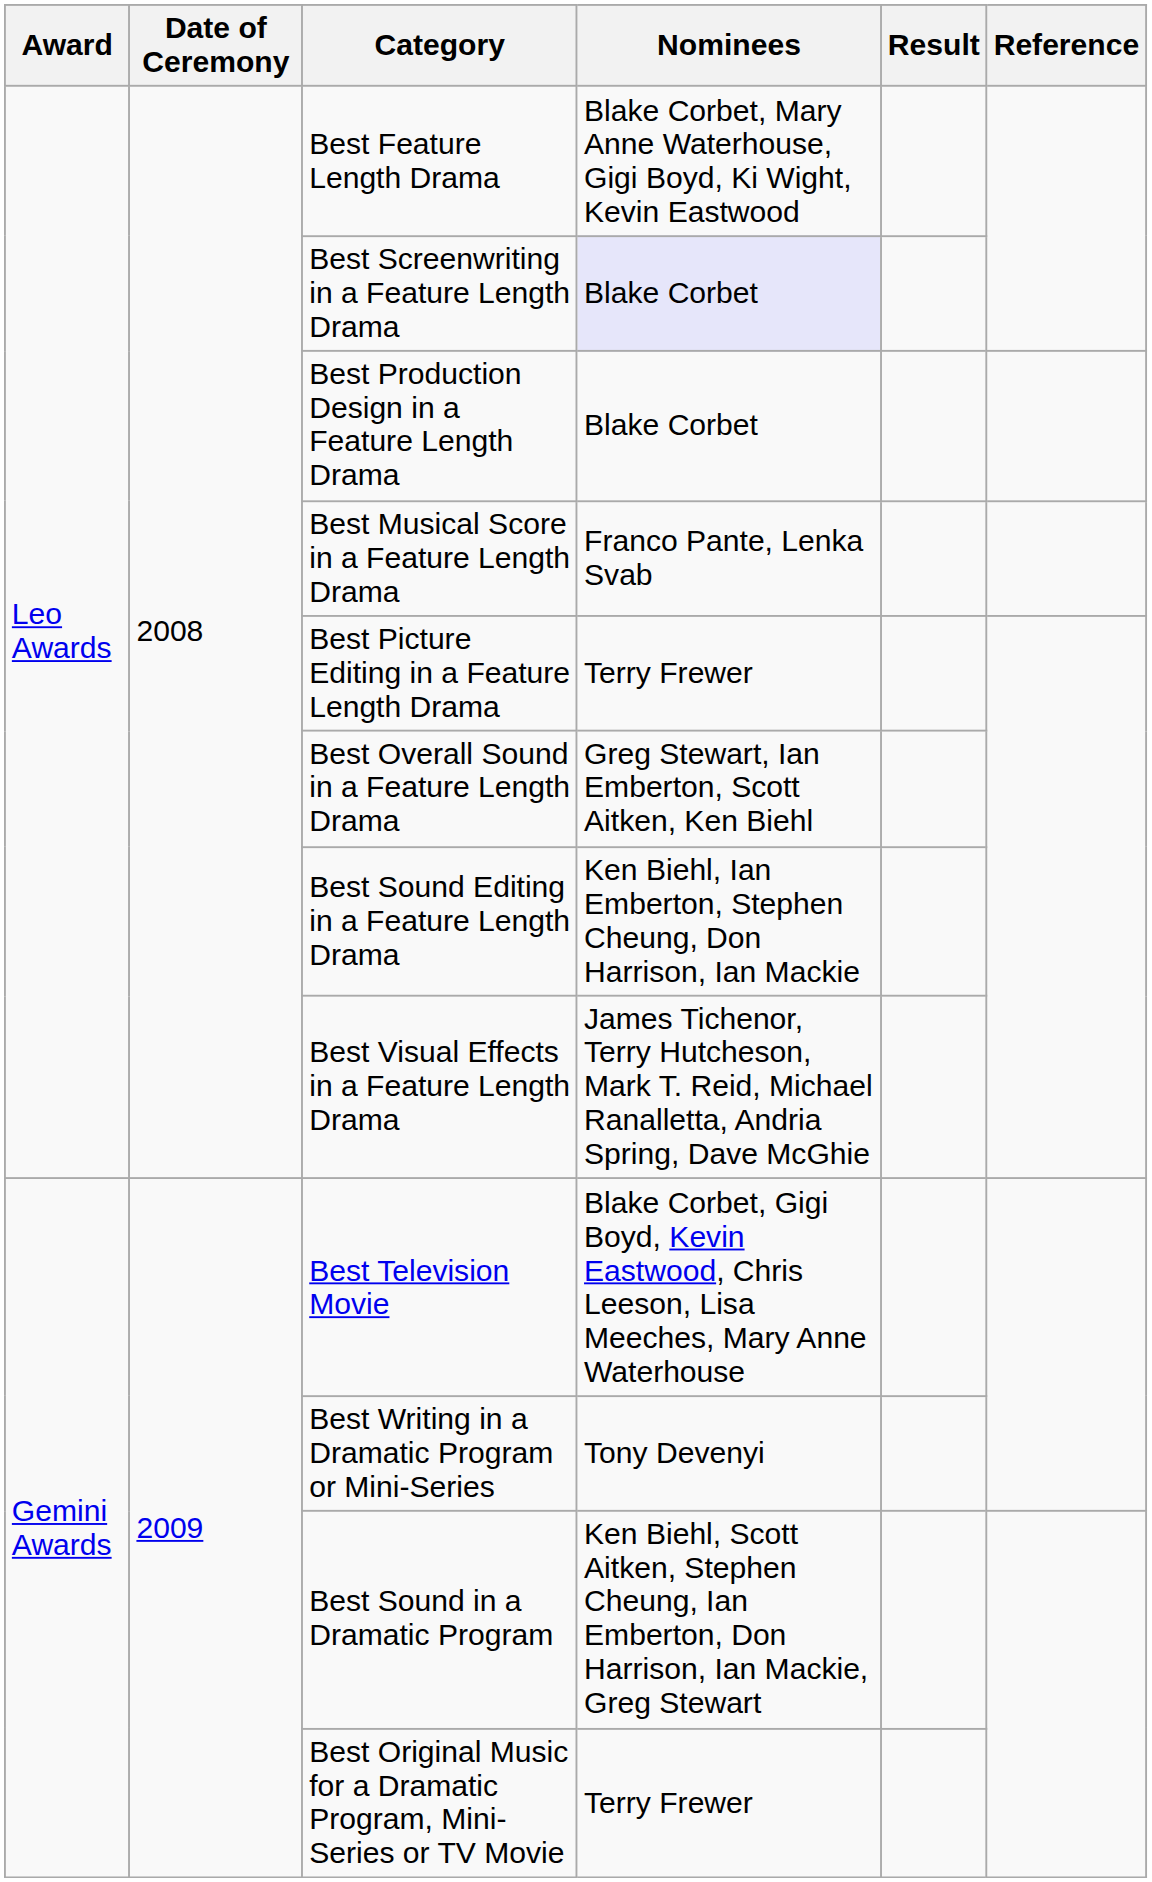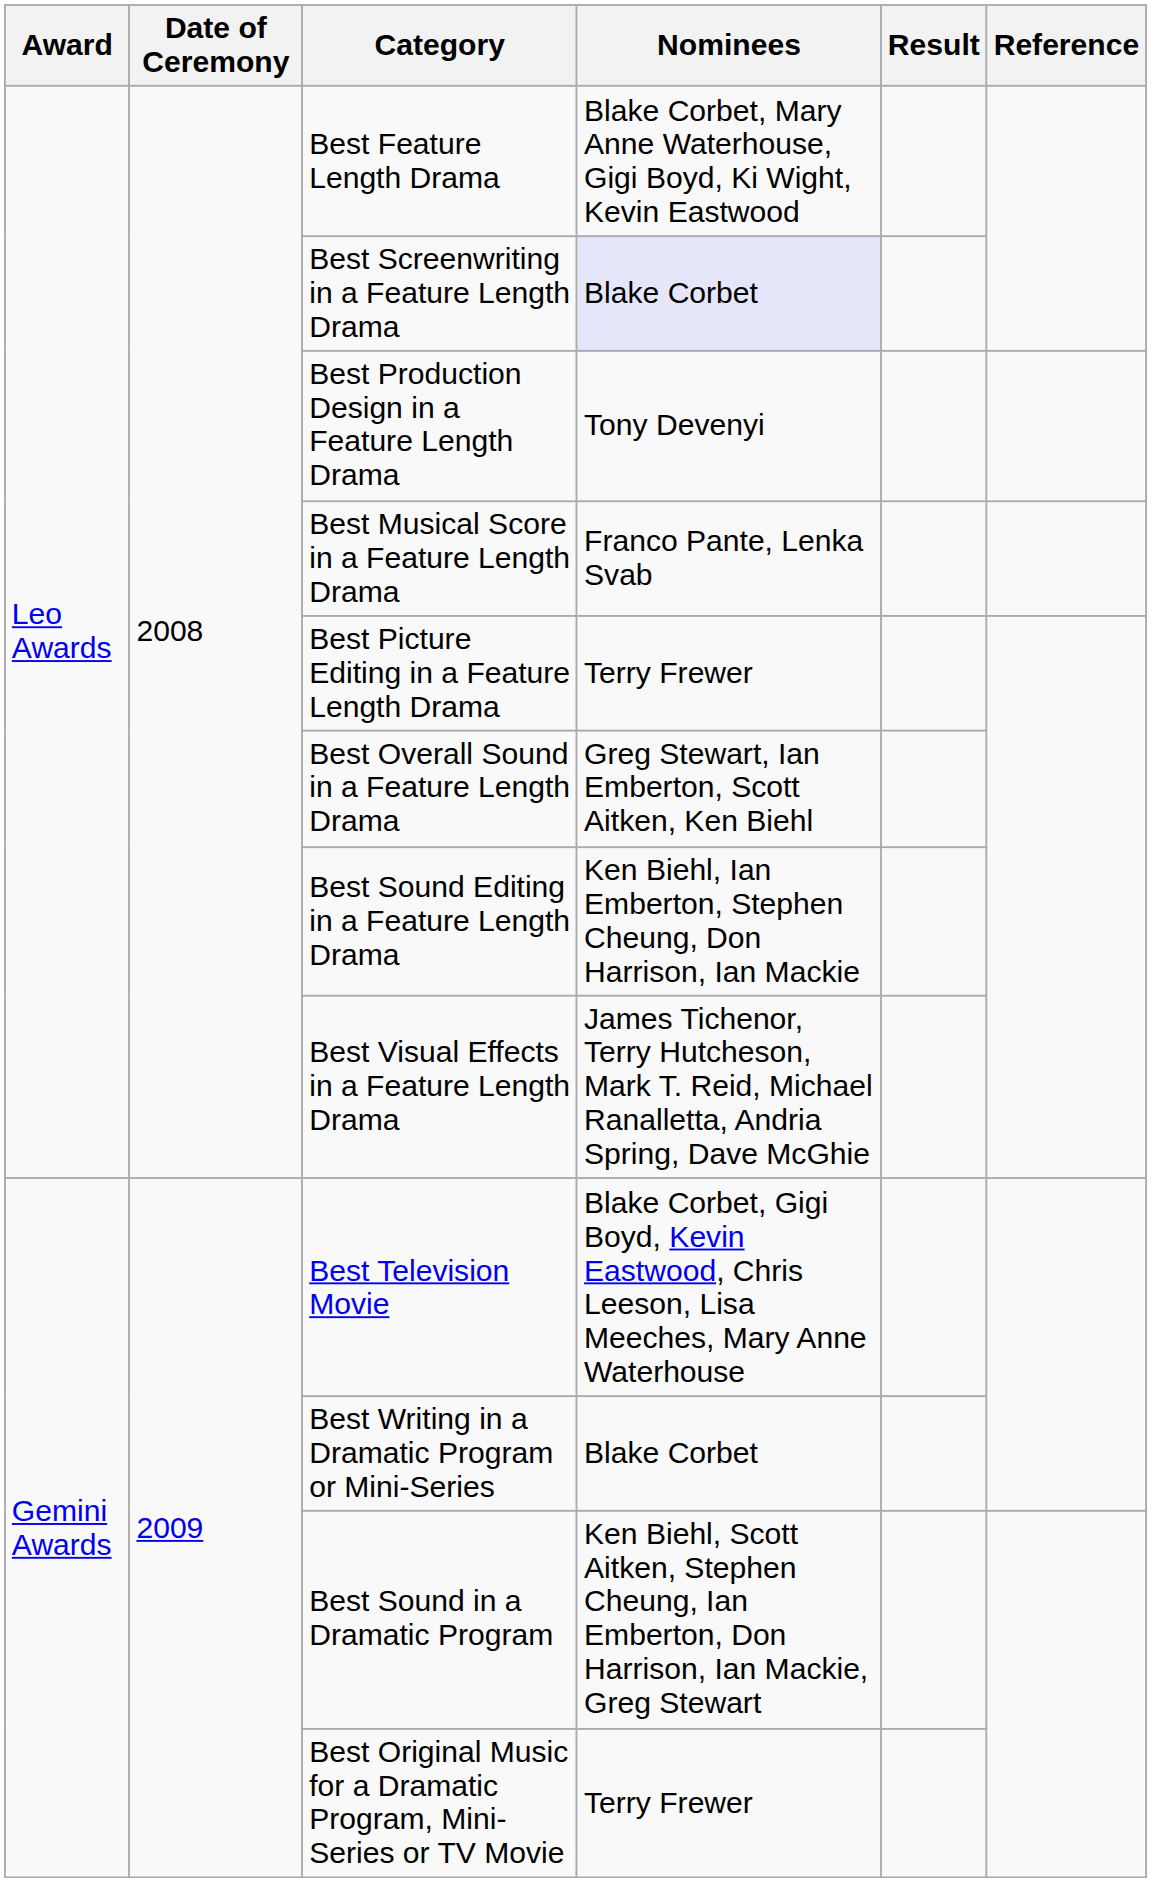 <table class="wikitable">
 <tr>
 <th>Award</th>
 <th>Date of Ceremony</th>
 <th>Category</th>
 <th>Nominees</th>
 <th>Result</th>
 <th>Reference</th>
 </tr>
 <tr>
 <td rowspan=8><a href='#'>Leo Awards</a></td>
 <td rowspan=8>2008</td>
 <td>Best Feature Length Drama</td>
 <td>Blake Corbet, Mary Anne Waterhouse, Gigi Boyd, Ki Wight, Kevin Eastwood</td>
 <td></td>
 <td rowspan=2></td>
 </tr>
 <tr>
 <td>Best Screenwriting in a Feature Length Drama</td>
 <td style="background: lavender;">Blake Corbet</td>
 <td></td>
 </tr>
 <tr>
 <td>Best Production Design in a Feature Length Drama</td>
-<td>Blake Corbet</td>
+<td>Tony Devenyi</td>
 <td></td>
 <td></td>
 </tr>
 <tr>
 <td>Best Musical Score in a Feature Length Drama</td>
 <td>Franco Pante, Lenka Svab</td>
 <td></td>
 <td></td>
 </tr>
 <tr>
 <td>Best Picture Editing in a Feature Length Drama</td>
 <td>Terry Frewer</td>
 <td></td>
 <td rowspan=4></td>
 </tr>
 <tr>
 <td>Best Overall Sound in a Feature Length Drama</td>
 <td>Greg Stewart, Ian Emberton, Scott Aitken, Ken Biehl</td>
 <td></td>
 </tr>
 <tr>
 <td>Best Sound Editing in a Feature Length Drama</td>
 <td>Ken Biehl, Ian Emberton, Stephen Cheung, Don Harrison, Ian Mackie</td>
 <td></td>
 </tr>
 <tr>
 <td>Best Visual Effects in a Feature Length Drama</td>
 <td>James Tichenor, Terry Hutcheson, Mark T. Reid, Michael Ranalletta, Andria Spring, Dave McGhie</td>
 <td></td>
 </tr>
 <tr>
 <td rowspan="4"><a href='#'>Gemini Awards</a></td>
 <td rowspan="4"><a href='#'>2009</a></td>
 <td><a href='#'>Best Television Movie</a></td>
 <td>Blake Corbet, Gigi Boyd, <a href='#'>Kevin Eastwood</a>, Chris Leeson, Lisa Meeches, Mary Anne Waterhouse</td>
 <td></td>
 <td rowspan=2></td>
 </tr>
 <tr>
 <td>Best Writing in a Dramatic Program or Mini-Series</td>
-<td>Tony Devenyi</td>
+<td>Blake Corbet</td>
 <td></td>
 </tr>
 <tr>
 <td>Best Sound in a Dramatic Program</td>
 <td>Ken Biehl, Scott Aitken, Stephen Cheung, Ian Emberton, Don Harrison, Ian Mackie, Greg Stewart</td>
 <td></td>
 <td rowspan=2></td>
 </tr>
 <tr>
 <td>Best Original Music for a Dramatic Program, Mini-Series or TV Movie</td>
 <td>Terry Frewer</td>
 <td></td>
 </tr>
 </table>
